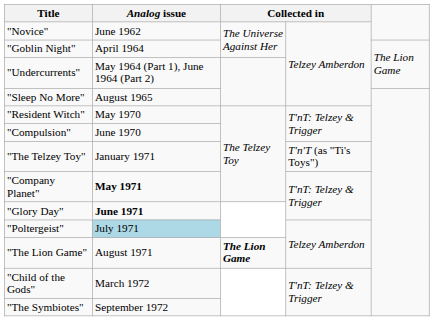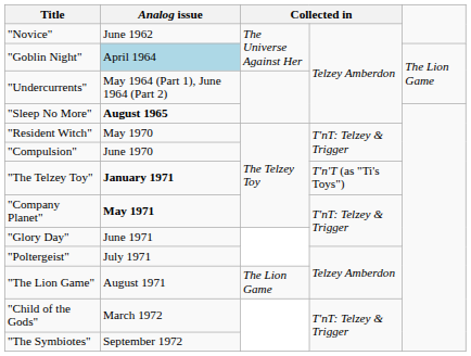 <table class=wikitable>
 <tr>
 <th>Title</th>
 <th><em>Analog</em> issue</th>
 <th colspan=2>Collected in</th>
 </tr>
 <tr>
 <td>"Novice"</td>
 <td>June 1962</td>
 <td rowspan=2><em>The Universe <br> Against Her</em></td>
 <td rowspan=4><em>Telzey Amberdon</em></td>
 </tr>
 <tr>
 <td>"Goblin Night"</td>
-<td>April 1964</td>
+<td style="background: lightblue;">April 1964</td>
 <td rowspan=2><em>The Lion Game</em></td>
 </tr>
 <tr>
 <td>"Undercurrents"</td>
 <td>May 1964 (Part 1), June 1964 (Part 2)</td>
 </tr>
 <tr>
 <td>"Sleep No More"</td>
-<td>August 1965</td>
+<td><strong>August 1965</strong></td>
 </tr>
 <tr>
 <td>"Resident Witch"</td>
 <td>May 1970</td>
 <td rowspan=4><em>The Telzey Toy</em></td>
 <td rowspan=2><em>T'nT: Telzey & Trigger</em></td>
 </tr>
 <tr>
 <td>"Compulsion"</td>
 <td>June 1970</td>
 </tr>
 <tr>
 <td>"The Telzey Toy"</td>
-<td>January 1971</td>
+<td><strong>January 1971</strong></td>
 <td><em>T'n'T</em> (as "Ti's Toys")</td>
 </tr>
 <tr>
 <td>"Company Planet"</td>
 <td><strong>May 1971</strong></td>
 <td rowspan=2><em>T'nT: Telzey & Trigger</em></td>
 </tr>
 <tr>
 <td>"Glory Day"</td>
-<td><strong>June 1971</strong></td>
+<td>June 1971</td>
 <td rowspan=2 bgcolor=white></td>
 </tr>
 <tr>
 <td>"Poltergeist"</td>
-<td style="background: lightblue;">July 1971</td>
+<td>July 1971</td>
 <td rowspan=2><em>Telzey Amberdon</em></td>
 </tr>
 <tr>
 <td>"The Lion Game"</td>
 <td>August 1971</td>
-<td><strong><em>The Lion Game</em></strong></td>
+<td><em>The Lion Game</em></td>
 </tr>
 <tr>
 <td>"Child of the Gods"</td>
 <td>March 1972</td>
 <td rowspan=2 bgcolor=white></td>
 <td rowspan=2><em>T'nT: Telzey & Trigger</em></td>
 </tr>
 <tr>
 <td>"The Symbiotes"</td>
 <td>September 1972</td>
 </tr>
 </table>
